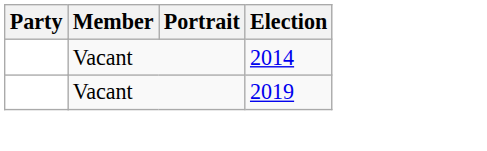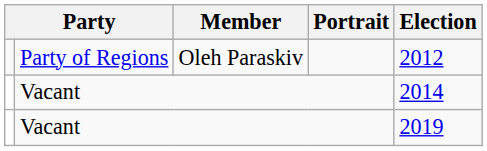 <table class="wikitable">
 <tr>
 <th colspan="2">Party</th>
 <th>Member</th>
 <th>Portrait</th>
 <th>Election</th>
+</tr>
+<tr>
+<td style="background-color: "></td>
+<td><a href='#'>Party of Regions</a></td>
+<td>Oleh Paraskiv</td>
+<td></td>
+<td><a href='#'>2012</a></td>
 </tr>
 <tr>
 <td style="background-color: white"></td>
 <td colspan=3>Vacant</td>
 <td><a href='#'>2014</a></td>
 </tr>
 <tr>
 <td style="background-color: white"></td>
 <td colspan=3>Vacant</td>
 <td><a href='#'>2019</a></td>
 </tr>
 </table>
